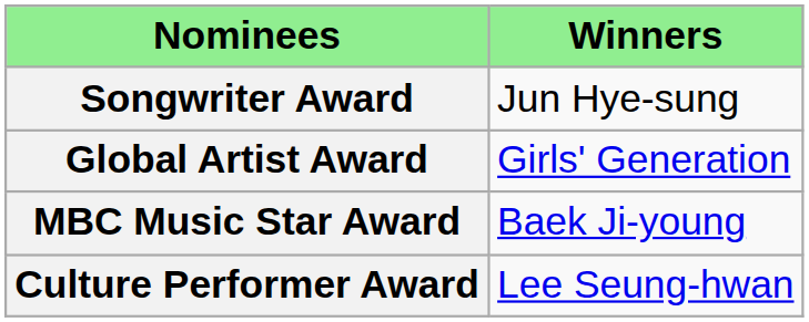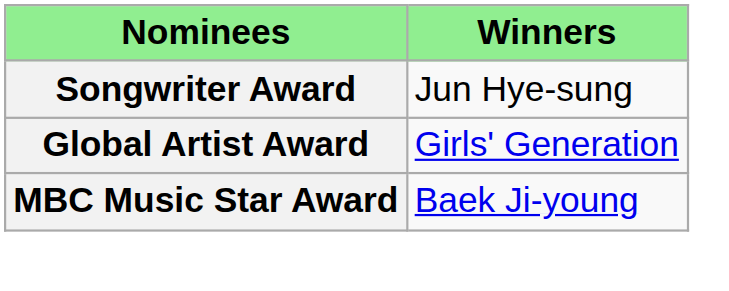 <table class="wikitable plainrowheaders">
 <tr>
 <th style="background:#90EE90;">Nominees</th>
 <th style="background:#90EE90;">Winners</th>
 </tr>
 <tr>
 <th scope="row">Songwriter Award</th>
 <td>Jun Hye-sung</td>
 </tr>
 <tr>
 <th scope="row">Global Artist Award</th>
 <td><a href='#'>Girls' Generation</a></td>
 </tr>
 <tr>
 <th scope="row">MBC Music Star Award</th>
 <td><a href='#'>Baek Ji-young</a></td>
 </tr>
-<tr>
-<th scope="row">Culture Performer Award</th>
-<td><a href='#'>Lee Seung-hwan</a></td>
-</tr>
 </table>
